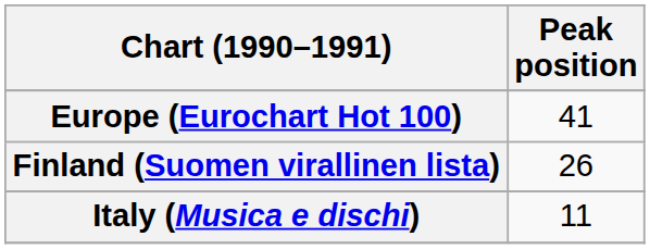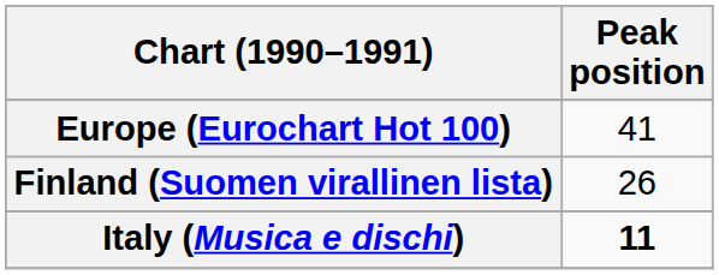 <table class="wikitable sortable plainrowheaders" style="text-align:center">
 <tr>
 <th>Chart (1990–1991)</th>
 <th>Peak<br>position</th>
 </tr>
 <tr>
 </tr>
 <tr>
 </tr>
 <tr>
 </tr>
 <tr>
 </tr>
 <tr>
 </tr>
 <tr>
 <th scope="row">Europe (<a href='#'>Eurochart Hot 100</a>)</th>
 <td>41</td>
 </tr>
 <tr>
 <th scope="row">Finland (<a href='#'>Suomen virallinen lista</a>)</th>
 <td>26</td>
 </tr>
 <tr>
 </tr>
 <tr>
 </tr>
 <tr>
 <th scope="row">Italy (<em><a href='#'>Musica e dischi</a></em>)</th>
-<td>11</td>
+<td><strong>11</strong></td>
 </tr>
 <tr>
 </tr>
 <tr>
 </tr>
 <tr>
 </tr>
 <tr>
 </tr>
 <tr>
 </tr>
 <tr>
 </tr>
 <tr>
 </tr>
 </table>
